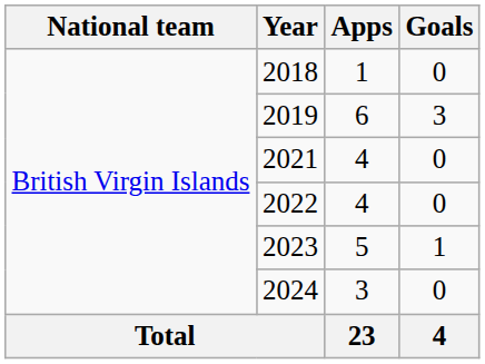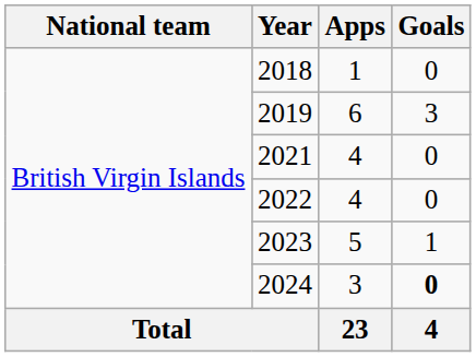 <table class="wikitable" style="text-align:center">
 <tr>
 <th>National team</th>
 <th>Year</th>
 <th>Apps</th>
 <th>Goals</th>
 </tr>
 <tr>
 <td rowspan="6"><a href='#'>British Virgin Islands</a></td>
 <td>2018</td>
 <td>1</td>
 <td>0</td>
 </tr>
 <tr>
 <td>2019</td>
 <td>6</td>
 <td>3</td>
 </tr>
 <tr>
 <td>2021</td>
 <td>4</td>
 <td>0</td>
 </tr>
 <tr>
 <td>2022</td>
 <td>4</td>
 <td>0</td>
 </tr>
 <tr>
 <td>2023</td>
 <td>5</td>
 <td>1</td>
 </tr>
 <tr>
 <td>2024</td>
 <td>3</td>
-<td>0</td>
+<td><strong>0</strong></td>
 </tr>
 <tr>
 <th colspan="2">Total</th>
 <th>23</th>
 <th>4</th>
 </tr>
 </table>
